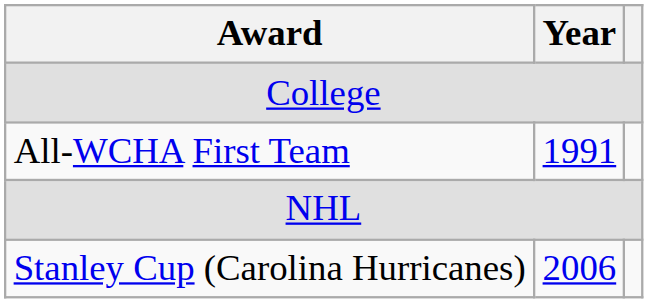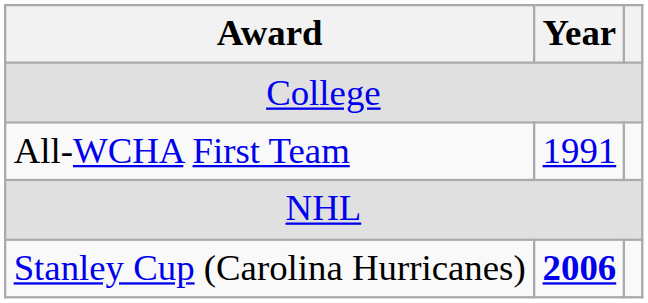 <table class="wikitable">
 <tr>
 <th>Award</th>
 <th>Year</th>
 <th></th>
 </tr>
 <tr ALIGN="center" bgcolor="#e0e0e0">
 <td colspan="3"><a href='#'>College</a></td>
 </tr>
 <tr>
 <td>All-<a href='#'>WCHA</a> <a href='#'>First Team</a></td>
 <td><a href='#'>1991</a></td>
 <td></td>
 </tr>
 <tr ALIGN="center" bgcolor="#e0e0e0">
 <td colspan="3"><a href='#'>NHL</a></td>
 </tr>
 <tr>
 <td><a href='#'>Stanley Cup</a> (Carolina Hurricanes)</td>
-<td><a href='#'>2006</a></td>
+<td><strong><a href='#'>2006</a></strong></td>
 <td></td>
 </tr>
 </table>
